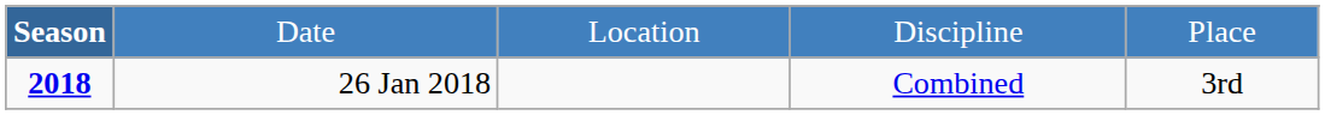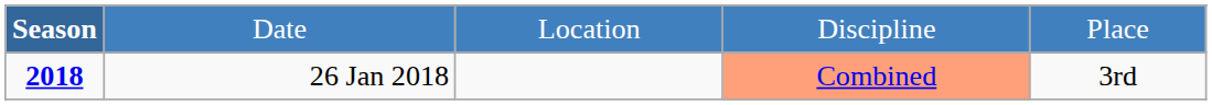 <table class="wikitable" style="font-size:95%; text-align:center; border:grey solid 1px; border-collapse:collapse;" width="40%">
 <tr style="background-color:#369; color:white;">
 <td rowspan="2" colspan="1" width="5%"><strong>Season</strong></td>
 </tr>
 <tr style="background-color:#4180be; color:white;">
 <td>Date</td>
 <td>Location</td>
 <td>Discipline</td>
 <td>Place</td>
 </tr>
 <tr>
 <td rowspan=1><strong><a href='#'>2018</a></strong></td>
 <td align=right>26 Jan 2018</td>
 <td align=left></td>
-<td><a href='#'>Combined</a></td>
+<td style="background: lightsalmon;"><a href='#'>Combined</a></td>
 <td>3rd</td>
 </tr>
 </table>
